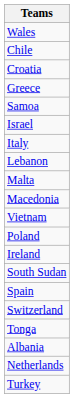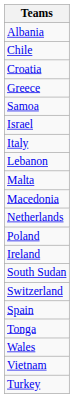 <table class="wikitable">
 <tr>
 <th>Teams</th>
 </tr>
 <tr>
-<td> <a href='#'>Wales</a></td>
+<td> <a href='#'>Albania</a></td>
 </tr>
 <tr>
 <td> <a href='#'>Chile</a></td>
 </tr>
 <tr>
 <td> <a href='#'>Croatia</a></td>
 </tr>
 <tr>
 <td> <a href='#'>Greece</a></td>
 </tr>
 <tr>
 <td> <a href='#'>Samoa</a></td>
 </tr>
 <tr>
 <td> <a href='#'>Israel</a></td>
 </tr>
 <tr>
 <td> <a href='#'>Italy</a></td>
 </tr>
 <tr>
 <td> <a href='#'>Lebanon</a></td>
 </tr>
 <tr>
 <td> <a href='#'>Malta</a></td>
 </tr>
 <tr>
 <td> <a href='#'>Macedonia</a></td>
 </tr>
 <tr>
-<td> <a href='#'>Vietnam</a></td>
+<td> <a href='#'>Netherlands</a></td>
 </tr>
 <tr>
 <td> <a href='#'>Poland</a></td>
 </tr>
 <tr>
 <td> <a href='#'>Ireland</a></td>
 </tr>
 <tr>
 <td> <a href='#'>South Sudan</a></td>
 </tr>
 <tr>
-<td> <a href='#'>Spain</a></td>
+<td> <a href='#'>Switzerland</a></td>
 </tr>
 <tr>
-<td> <a href='#'>Switzerland</a></td>
+<td> <a href='#'>Spain</a></td>
 </tr>
 <tr>
 <td> <a href='#'>Tonga</a></td>
 </tr>
 <tr>
-<td> <a href='#'>Albania</a></td>
+<td> <a href='#'>Wales</a></td>
 </tr>
 <tr>
-<td> <a href='#'>Netherlands</a></td>
+<td> <a href='#'>Vietnam</a></td>
 </tr>
 <tr>
 <td> <a href='#'>Turkey</a></td>
 </tr>
 </table>
